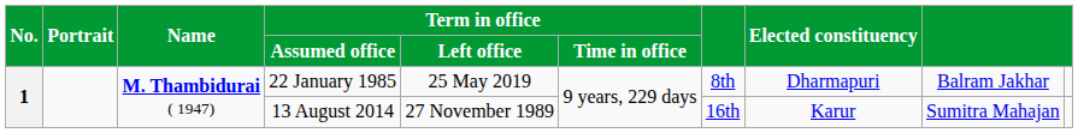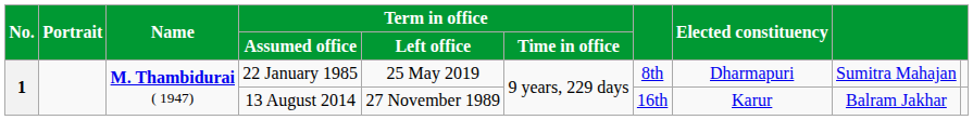 <table class="wikitable sortable" style="text-align:center;">
 <tr>
 <th rowspan=2 style="background-color:#009933;color:white">No.</th>
 <th rowspan=2 style="background-color:#009933;color:white">Portrait</th>
 <th rowspan=2 style="background-color:#009933;color:white">Name<br></th>
 <th colspan=3 style="background-color:#009933;color:white">Term in office</th>
 <th rowspan=2 style="background-color:#009933;color:white"><a href='#'></a><br></th>
 <th rowspan=2 style="background-color:#009933;color:white">Elected constituency</th>
 <th rowspan=2 colspan=2 style="background-color:#009933;color:white"><a href='#'></a></th>
 </tr>
 <tr>
 <th style="background-color:#009933;color:white">Assumed office</th>
 <th style="background-color:#009933;color:white">Left office</th>
 <th style="background-color:#009933;color:white">Time in office</th>
 </tr>
 <tr>
 <th rowspan=2>1</th>
 <td rowspan=2></td>
 <td rowspan=2><strong><a href='#'>M. Thambidurai</a></strong><br><small>( 1947)</small></td>
 <td>22 January 1985</td>
 <td>25 May 2019</td>
 <td rowspan=2>9 years, 229 days</td>
 <td><a href='#'>8th</a><br></td>
 <td><a href='#'>Dharmapuri</a></td>
-<td><a href='#'>Balram Jakhar</a></td>
+<td><a href='#'>Sumitra Mahajan</a></td>
 <td></td>
 </tr>
 <tr>
 <td>13 August 2014</td>
 <td>27 November 1989</td>
 <td><a href='#'>16th</a><br></td>
 <td><a href='#'>Karur</a></td>
-<td><a href='#'>Sumitra Mahajan</a></td>
+<td><a href='#'>Balram Jakhar</a></td>
 <td></td>
 </tr>
 </table>
